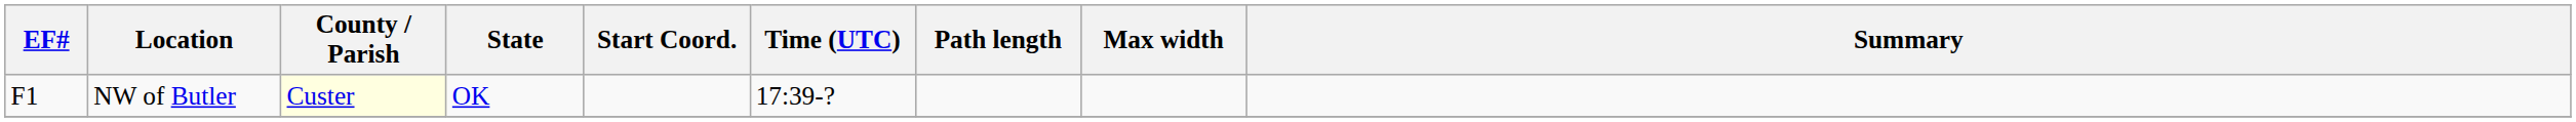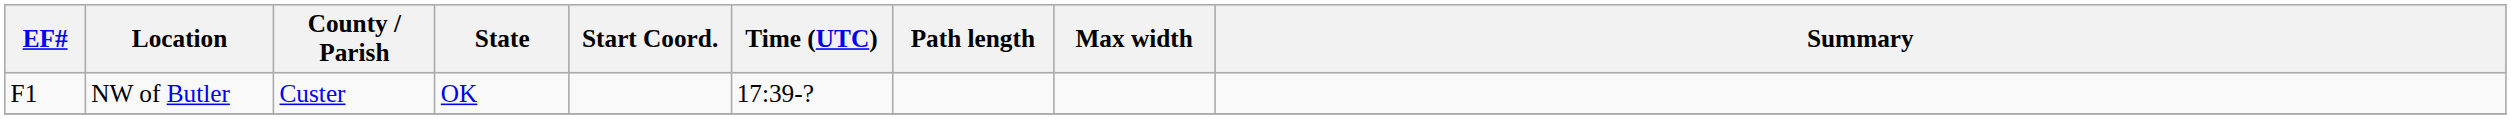 <table class="wikitable sortable" style="width:100%;">
 <tr>
 <th scope="col"  style="width:3%; text-align:center;"><a href='#'>EF#</a></th>
 <th scope="col"  style="width:7%; text-align:center;" class="unsortable">Location</th>
 <th scope="col"  style="width:6%; text-align:center;" class="unsortable">County / Parish</th>
 <th scope="col"  style="width:5%; text-align:center;">State</th>
 <th scope="col"  style="width:6%; text-align:center;">Start Coord.</th>
 <th scope="col"  style="width:6%; text-align:center;">Time (<a href='#'>UTC</a>)</th>
 <th scope="col"  style="width:6%; text-align:center;">Path length</th>
 <th scope="col"  style="width:6%; text-align:center;">Max width</th>
 <th scope="col" class="unsortable" style="width:48%; text-align:center;">Summary</th>
 </tr>
 <tr>
 <td bgcolor=>F1</td>
 <td>NW of <a href='#'>Butler</a></td>
-<td style="background: lightyellow;"><a href='#'>Custer</a></td>
+<td><a href='#'>Custer</a></td>
 <td><a href='#'>OK</a></td>
 <td></td>
 <td>17:39-?</td>
 <td></td>
 <td></td>
 <td></td>
 </tr>
 <tr>
 </tr>
 </table>
